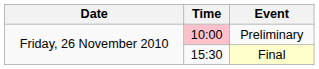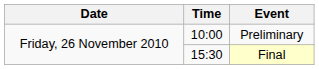 <table class = "wikitable" style="text-align:center;">
 <tr>
 <th width=220>Date</th>
 <th width=50>Time</th>
 <th width=100>Event</th>
 </tr>
 <tr>
 <td rowspan=2>Friday, 26 November 2010</td>
-<td style="background: pink;">10:00</td>
+<td>10:00</td>
 <td>Preliminary</td>
 </tr>
 <tr>
 <td>15:30</td>
 <td bgcolor=ffffcc>Final</td>
 </tr>
 </table>
